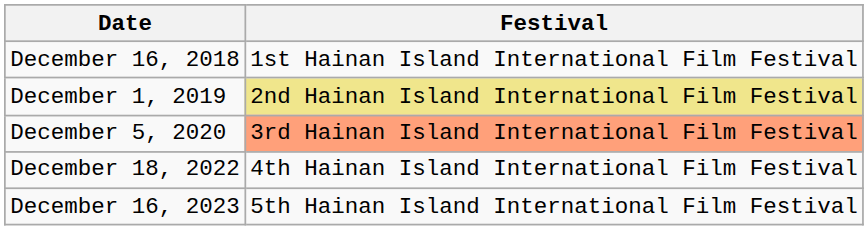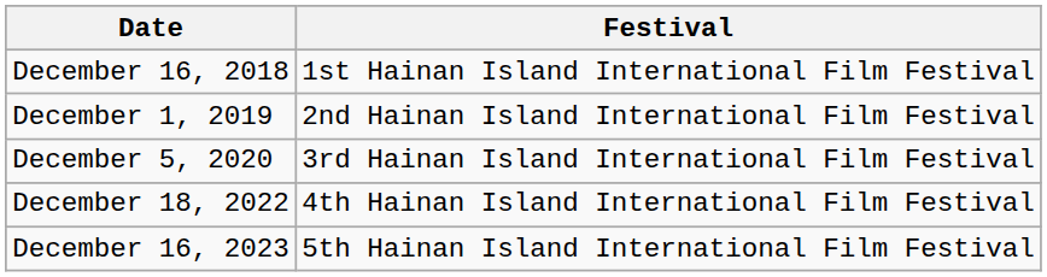 <table class="wikitable">
 <tr>
 <th>Date</th>
 <th>Festival</th>
 </tr>
 <tr>
 <td>December 16, 2018</td>
 <td>1st Hainan Island International Film Festival</td>
 </tr>
 <tr>
 <td>December 1, 2019</td>
-<td style="background: khaki;">2nd Hainan Island International Film Festival</td>
+<td>2nd Hainan Island International Film Festival</td>
 </tr>
 <tr>
 <td>December 5, 2020</td>
-<td style="background: lightsalmon;">3rd Hainan Island International Film Festival</td>
+<td>3rd Hainan Island International Film Festival</td>
 </tr>
 <tr>
 <td>December 18, 2022</td>
 <td>4th Hainan Island International Film Festival</td>
 </tr>
 <tr>
 <td>December 16, 2023</td>
 <td>5th Hainan Island International Film Festival</td>
 </tr>
 </table>
